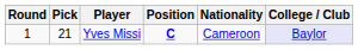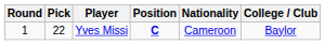 <table class="wikitable sortable sortable">
 <tr>
 <th style="background:#">Round</th>
 <th style="background:#">Pick</th>
 <th style="background:#">Player</th>
 <th style="background:#">Position</th>
 <th style="background:#">Nationality</th>
 <th style="background:#">College / Club</th>
 </tr>
 <tr style="text-align: center">
 <td>1</td>
-<td>21</td>
+<td>22</td>
 <td><a href='#'>Yves Missi</a></td>
 <td><strong><a href='#'>C</a></strong></td>
 <td> <a href='#'>Cameroon</a></td>
-<td style="background: lavender;"><a href='#'>Baylor</a></td>
+<td><a href='#'>Baylor</a></td>
 </tr>
 </table>
